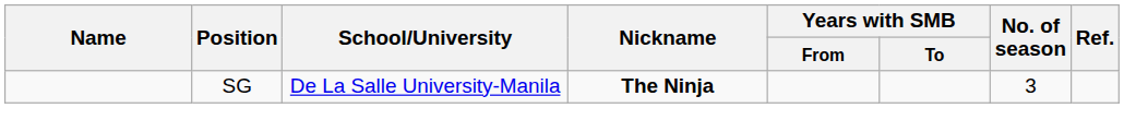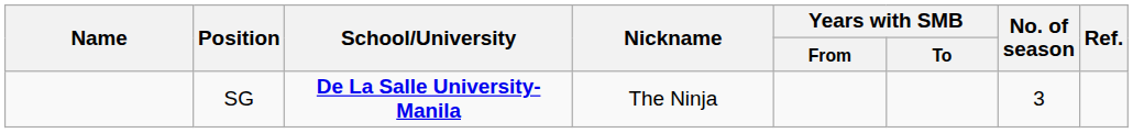 <table class="wikitable sortable" style="text-align:center" width="98%">
 <tr>
 <th style="width:180px;" rowspan="2">Name</th>
 <th rowspan="2">Position</th>
 <th style="width:250px;" rowspan="2">School/University</th>
 <th style="width:180px;" rowspan="2">Nickname</th>
 <th style="width:180px; text-align:center;" colspan="2">Years with SMB</th>
 <th rowspan="2">No. of season</th>
 <th rowspan="2"; class=unsortable>Ref.</th>
 </tr>
 <tr>
 <th style="width:10%; text-align:center;"><small>From</small></th>
 <th style="width:10%; text-align:center;"><small>To</small></th>
 </tr>
 <tr>
 <td></td>
 <td>SG</td>
-<td><a href='#'>De La Salle University-Manila</a></td>
-<td><strong>The Ninja</strong></td>
+<td><strong><a href='#'>De La Salle University-Manila</a></strong></td>
+<td>The Ninja</td>
 <td></td>
 <td></td>
 <td>3</td>
 <td></td>
 </tr>
 </table>
